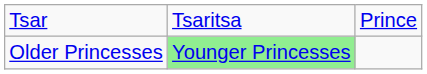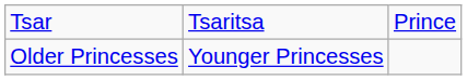 <table class="wikitable">
 <tr>
 <td> <a href='#'>Tsar</a></td>
 <td> <a href='#'>Tsaritsa</a></td>
 <td> <a href='#'>Prince</a></td>
 </tr>
 <tr>
 <td> <a href='#'>Older Princesses</a></td>
-<td style="background: lightgreen;"> <a href='#'>Younger Princesses</a></td>
+<td> <a href='#'>Younger Princesses</a></td>
 </tr>
 </table>
